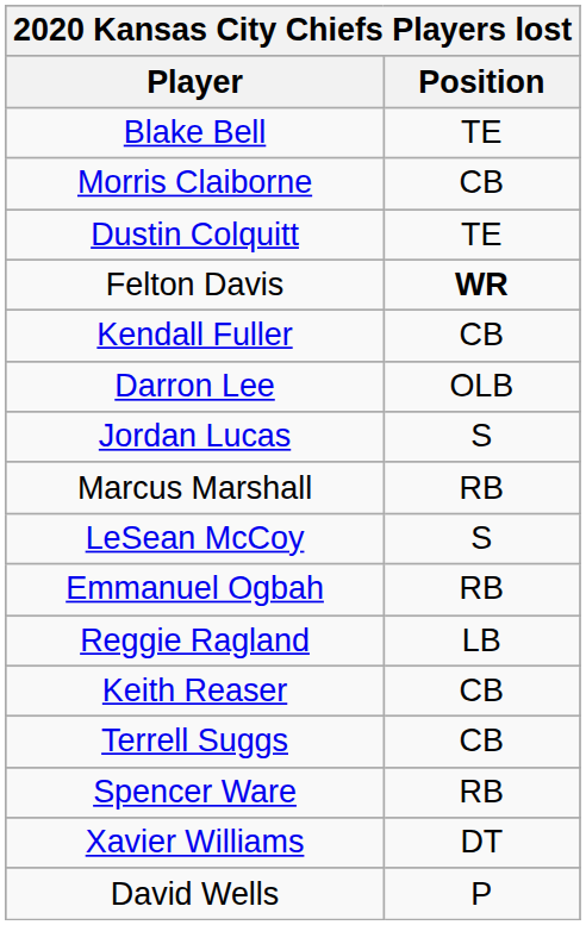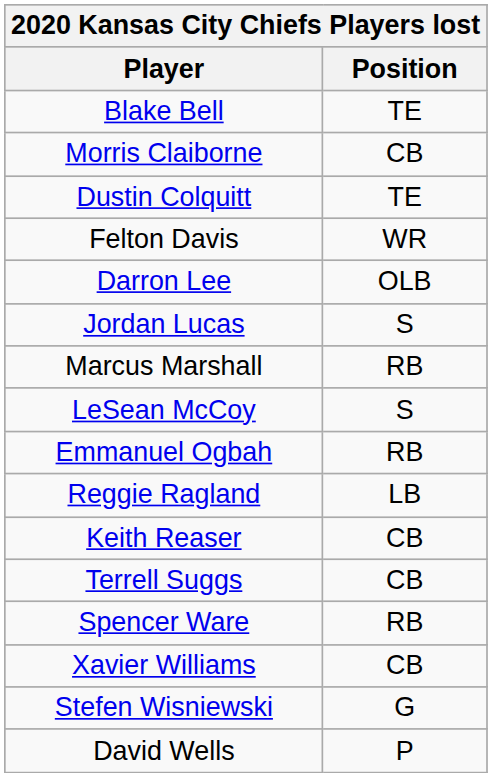 <table class="wikitable" style="text-align:center">
 <tr>
 <th colspan=2>2020 Kansas City Chiefs Players lost</th>
 </tr>
 <tr>
 <th>Player</th>
 <th>Position</th>
 </tr>
 <tr>
 <td><a href='#'>Blake Bell</a></td>
 <td>TE</td>
 </tr>
 <tr>
 <td><a href='#'>Morris Claiborne</a></td>
 <td>CB</td>
 </tr>
 <tr>
 <td><a href='#'>Dustin Colquitt</a></td>
 <td>TE</td>
 </tr>
 <tr>
 <td>Felton Davis</td>
-<td><strong>WR</strong></td>
-</tr>
-<tr>
-<td><a href='#'>Kendall Fuller</a></td>
-<td>CB</td>
+<td>WR</td>
 </tr>
 <tr>
 <td><a href='#'>Darron Lee</a></td>
 <td>OLB</td>
 </tr>
 <tr>
 <td><a href='#'>Jordan Lucas</a></td>
 <td>S</td>
 </tr>
 <tr>
 <td>Marcus Marshall</td>
 <td>RB</td>
 </tr>
 <tr>
 <td><a href='#'>LeSean McCoy</a></td>
 <td>S</td>
 </tr>
 <tr>
 <td><a href='#'>Emmanuel Ogbah</a></td>
 <td>RB</td>
 </tr>
 <tr>
 <td><a href='#'>Reggie Ragland</a></td>
 <td>LB</td>
 </tr>
 <tr>
 <td><a href='#'>Keith Reaser</a></td>
 <td>CB</td>
 </tr>
 <tr>
 <td><a href='#'>Terrell Suggs</a></td>
 <td>CB</td>
 </tr>
 <tr>
 <td><a href='#'>Spencer Ware</a></td>
 <td>RB</td>
 </tr>
 <tr>
 <td><a href='#'>Xavier Williams</a></td>
-<td>DT</td>
+<td>CB</td>
+</tr>
+<tr>
+<td><a href='#'>Stefen Wisniewski</a></td>
+<td>G</td>
 </tr>
 <tr>
 <td>David Wells</td>
 <td>P</td>
 </tr>
 </table>
